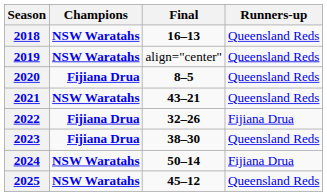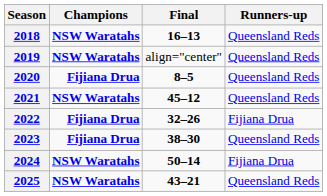 <table class="wikitable sortable">
 <tr>
 <th>Season</th>
 <th>Champions</th>
 <th class="unsortable">Final</th>
 <th>Runners-up</th>
 </tr>
 <tr>
 <th><a href='#'>2018</a></th>
 <td align="right"><strong><a href='#'>NSW Waratahs</a></strong></td>
 <td align="center"><strong>16–13</strong></td>
 <td><a href='#'>Queensland Reds</a></td>
 </tr>
 <tr>
 <th><a href='#'>2019</a></th>
 <td align="right"><strong><a href='#'>NSW Waratahs</a></strong></td>
 <td>align="center" <strong><em></em></strong></td>
 <td><a href='#'>Queensland Reds</a></td>
 </tr>
 <tr>
 <th><a href='#'>2020</a></th>
 <td align="right"><strong><a href='#'>Fijiana Drua</a></strong></td>
 <td align="center"><strong>8–5</strong></td>
 <td><a href='#'>Queensland Reds</a></td>
 </tr>
 <tr>
 <th><a href='#'>2021</a></th>
 <td align="right"><strong><a href='#'>NSW Waratahs</a></strong></td>
-<td align="center"><strong>43–21</strong></td>
+<td align="center"><strong>45–12</strong></td>
 <td><a href='#'>Queensland Reds</a></td>
 </tr>
 <tr>
 <th><a href='#'>2022</a></th>
 <td align="right"><strong><a href='#'>Fijiana Drua</a></strong></td>
 <td align="center"><strong>32–26</strong></td>
 <td><a href='#'>Fijiana Drua</a></td>
 </tr>
 <tr>
 <th><a href='#'>2023</a></th>
 <td align="right"><strong><a href='#'>Fijiana Drua</a></strong></td>
 <td align="center"><strong>38–30</strong></td>
 <td><a href='#'>Queensland Reds</a></td>
 </tr>
 <tr>
 <th><a href='#'>2024</a></th>
 <td align="right"><strong><a href='#'>NSW Waratahs</a></strong></td>
 <td align="center"><strong>50–14</strong></td>
 <td><a href='#'>Fijiana Drua</a></td>
 </tr>
 <tr>
 <th><a href='#'>2025</a></th>
 <td align="right"><strong><a href='#'>NSW Waratahs</a></strong></td>
-<td align="center"><strong>45–12</strong></td>
+<td align="center"><strong>43–21</strong></td>
 <td><a href='#'>Queensland Reds</a></td>
 </tr>
 </table>
